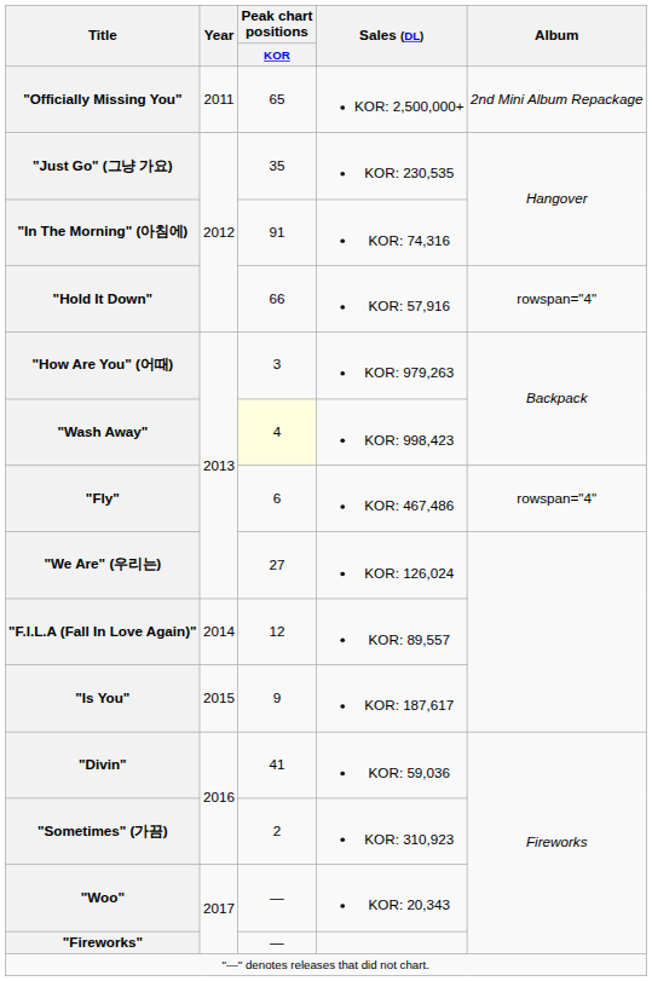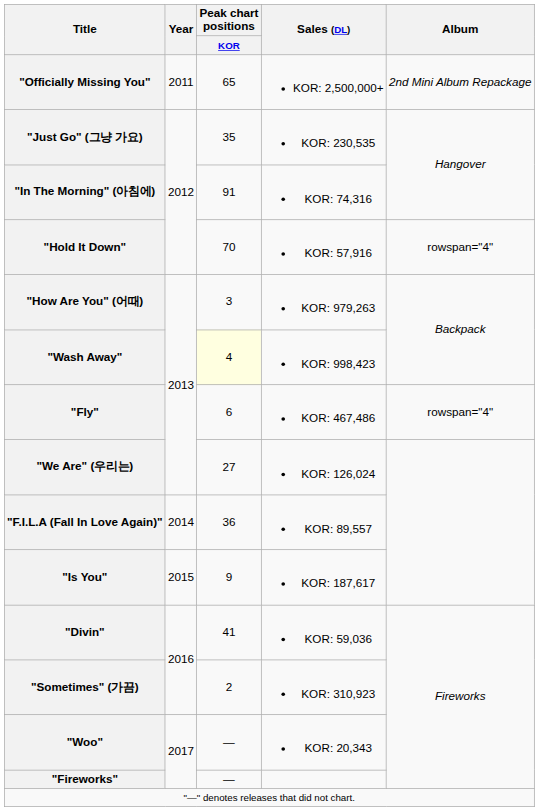 <table class="wikitable plainrowheaders" style="text-align:center;">
 <tr>
 <th scope="col" rowspan="2">Title</th>
 <th scope="col" rowspan="2">Year</th>
 <th scope="col" colspan="1">Peak chart <br> positions</th>
 <th scope="col" rowspan="2">Sales <small>(<a href='#'>DL</a>)</small></th>
 <th scope="col" rowspan="2">Album</th>
 </tr>
 <tr>
 <th><small><a href='#'>KOR</a></small><br></th>
 </tr>
 <tr>
 <th scope="row">"Officially Missing You"</th>
 <td>2011</td>
 <td>65</td>
 <td><br><ul><li>KOR: 2,500,000+</li></ul></td>
 <td><em>2nd Mini Album Repackage</em></td>
 </tr>
 <tr>
 <th scope="row">"Just Go" (그냥 가요)<br></th>
 <td rowspan="3">2012</td>
 <td>35</td>
 <td><br><ul><li>KOR: 230,535</li></ul></td>
 <td rowspan="2"><em>Hangover</em></td>
 </tr>
 <tr>
 <th scope="row">"In The Morning" (아침에)</th>
 <td>91</td>
 <td><br><ul><li>KOR: 74,316</li></ul></td>
 </tr>
 <tr>
 <th scope="row">"Hold It Down"</th>
-<td>66</td>
+<td>70</td>
 <td><br><ul><li>KOR: 57,916</li></ul></td>
 <td>rowspan="4" </td>
 </tr>
 <tr>
 <th scope="row">"How Are You" (어때)<br></th>
 <td rowspan="4">2013</td>
 <td>3</td>
 <td><br><ul><li>KOR: 979,263</li></ul></td>
 <td rowspan="2"><em>Backpack</em></td>
 </tr>
 <tr>
 <th scope="row">"Wash Away"<br></th>
 <td style="background: lightyellow;">4</td>
 <td><br><ul><li>KOR: 998,423</li></ul></td>
 </tr>
 <tr>
 <th scope="row">"Fly"</th>
 <td>6</td>
 <td><br><ul><li>KOR: 467,486</li></ul></td>
 <td>rowspan="4" </td>
 </tr>
 <tr>
 <th scope="row">"We Are" (우리는)<br></th>
 <td>27</td>
 <td><br><ul><li>KOR: 126,024</li></ul></td>
 </tr>
 <tr>
 <th scope="row">"F.I.L.A (Fall In Love Again)"<br></th>
 <td>2014</td>
-<td>12</td>
+<td>36</td>
 <td><br><ul><li>KOR: 89,557</li></ul></td>
 </tr>
 <tr>
 <th scope="row">"Is You"<br></th>
 <td>2015</td>
 <td>9</td>
 <td><br><ul><li>KOR: 187,617</li></ul></td>
 </tr>
 <tr>
 <th scope="row">"Divin"</th>
 <td rowspan="2">2016</td>
 <td>41</td>
 <td><br><ul><li>KOR: 59,036</li></ul></td>
 <td rowspan="4"><em>Fireworks</em></td>
 </tr>
 <tr>
 <th scope="row">"Sometimes" (가끔)<br></th>
 <td>2</td>
 <td><br><ul><li>KOR: 310,923</li></ul></td>
 </tr>
 <tr>
 <th scope="row">"Woo"</th>
 <td rowspan="2">2017</td>
 <td>—</td>
 <td><br><ul><li>KOR: 20,343</li></ul></td>
 </tr>
 <tr>
 <th scope="row">"Fireworks"<br></th>
 <td>—</td>
 <td></td>
 </tr>
 <tr>
 <td colspan="5" align="center"><small>"—" denotes releases that did not chart.</small></td>
 </tr>
 </table>
